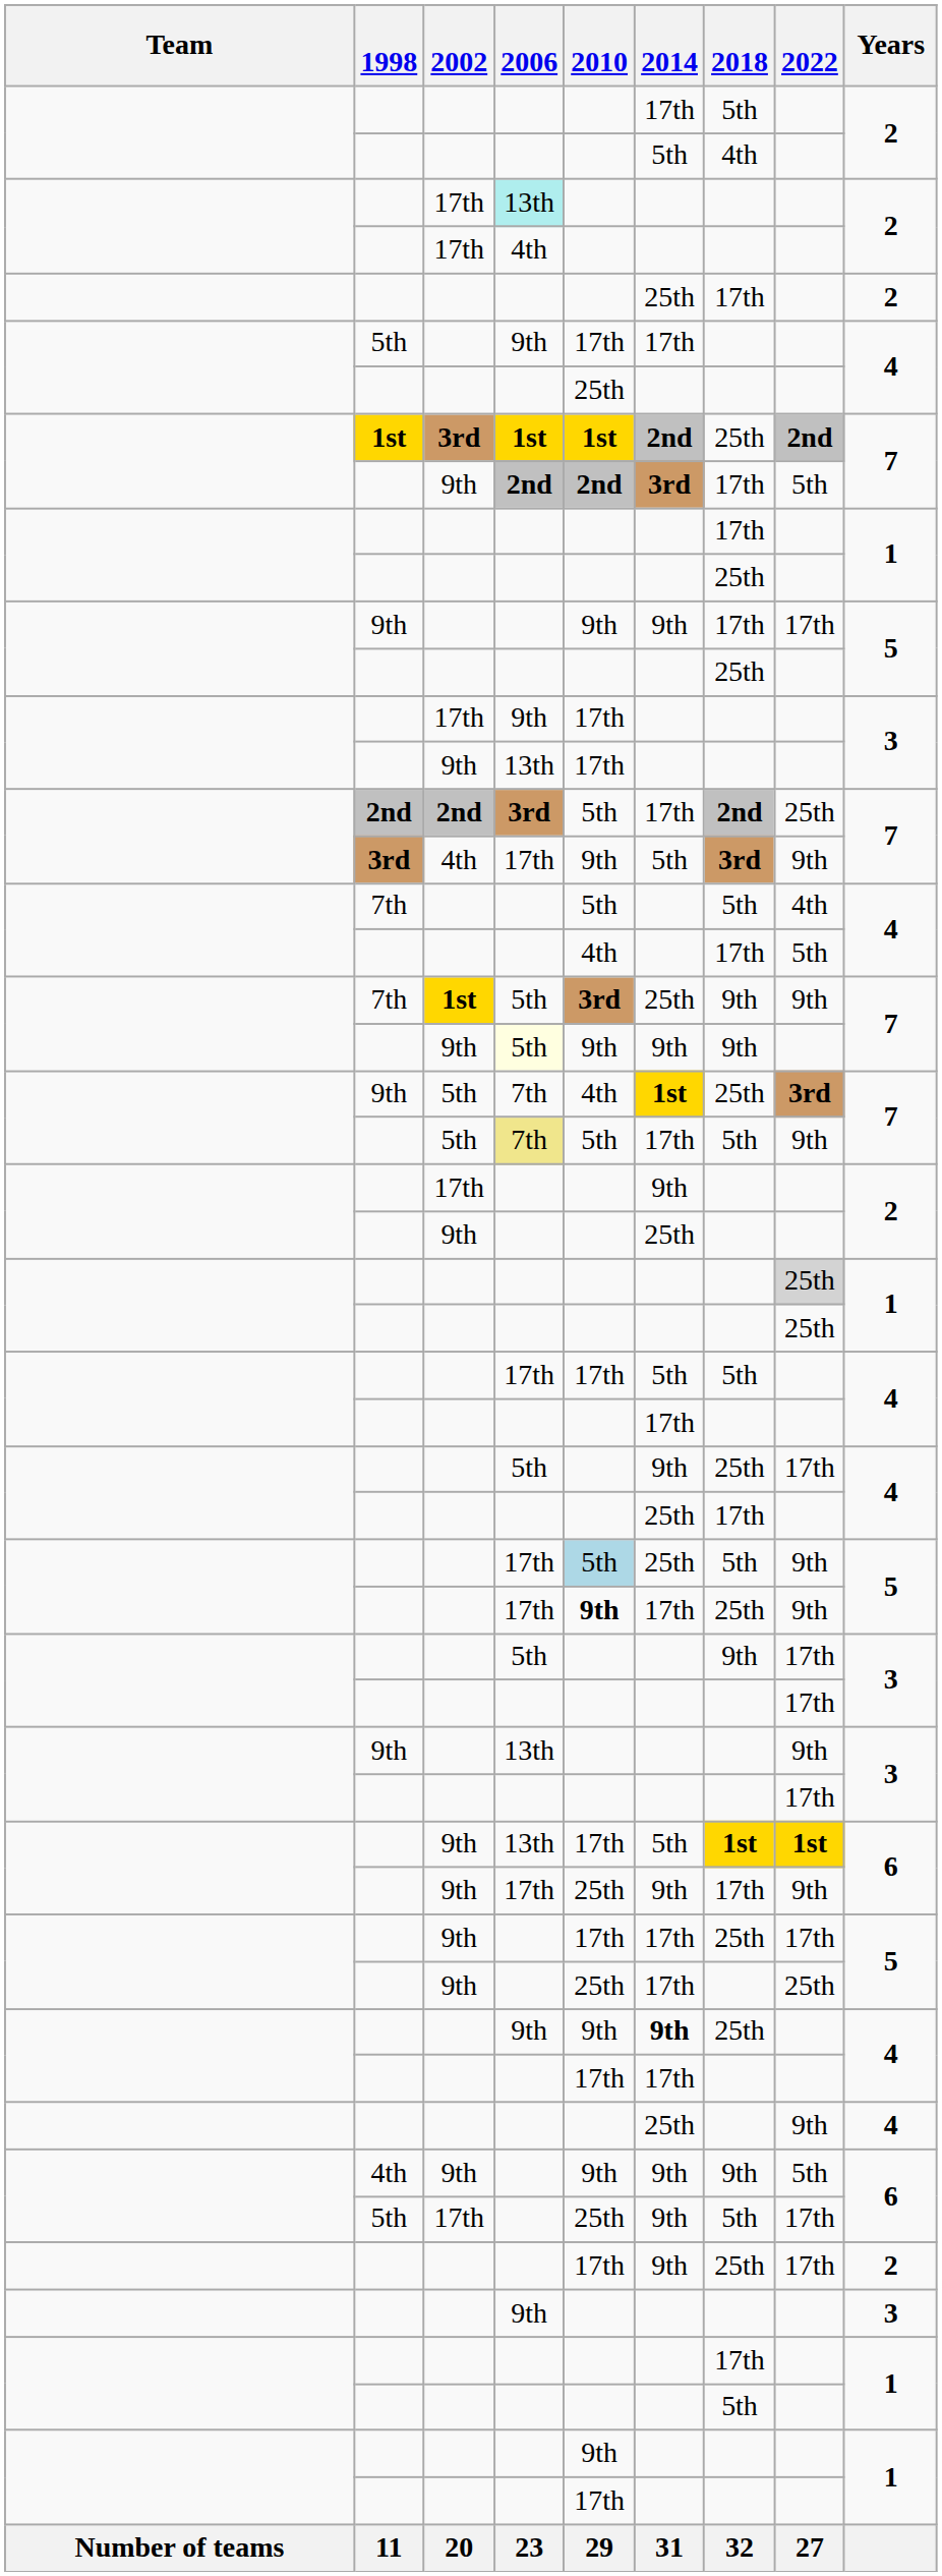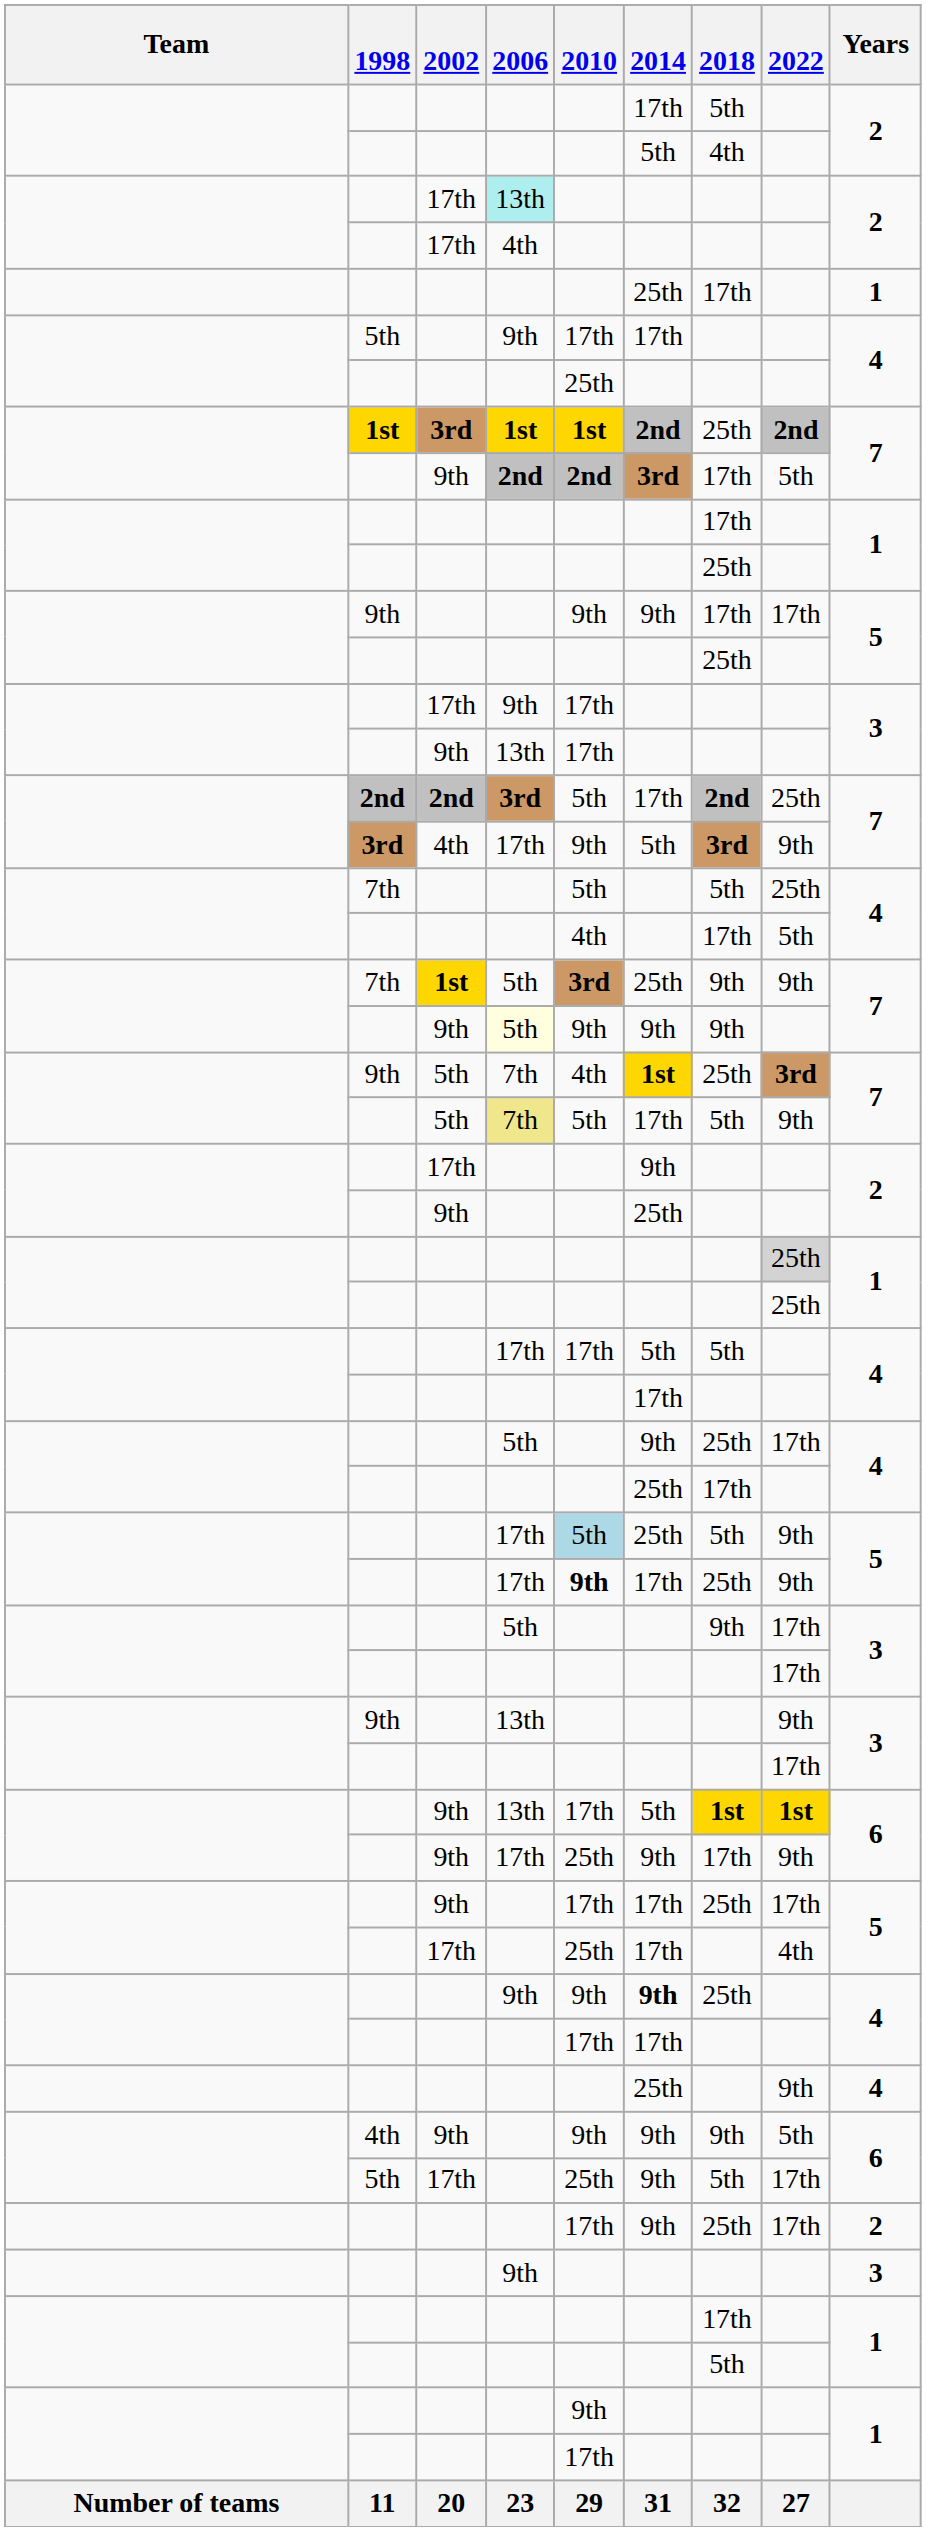 <table class="wikitable" style="text-align:center; font-size:90%">
 <tr>
 <th width=170>Team</th>
 <th width=25><br><a href='#'>1998</a></th>
 <th width=25><br><a href='#'>2002</a></th>
 <th width=25><br><a href='#'>2006</a></th>
 <th width=25><br><a href='#'>2010</a></th>
 <th width=25><br><a href='#'>2014</a></th>
 <th width=25><br><a href='#'>2018</a></th>
 <th width=25><br><a href='#'>2022</a></th>
 <th width=40>Years</th>
 </tr>
 <tr>
 <td rowspan=2 align=left></td>
 <td></td>
 <td></td>
 <td></td>
 <td></td>
 <td>17th</td>
 <td>5th</td>
 <td></td>
 <td rowspan=2><strong>2</strong></td>
 </tr>
 <tr>
 <td></td>
 <td></td>
 <td></td>
 <td></td>
 <td>5th</td>
 <td>4th</td>
 <td></td>
 </tr>
 <tr>
 <td rowspan=2 align=left></td>
 <td></td>
 <td>17th</td>
 <td style="background: paleturquoise;">13th</td>
 <td></td>
 <td></td>
 <td></td>
 <td></td>
 <td rowspan=2><strong>2</strong></td>
 </tr>
 <tr>
 <td></td>
 <td>17th</td>
 <td>4th</td>
 <td></td>
 <td></td>
 <td></td>
 <td></td>
 </tr>
 <tr>
 <td align=left></td>
 <td></td>
 <td></td>
 <td></td>
 <td></td>
 <td>25th</td>
 <td>17th</td>
 <td></td>
-<td><strong>2</strong></td>
+<td><strong>1</strong></td>
 </tr>
 <tr>
 <td rowspan=2 align=left></td>
 <td>5th</td>
 <td></td>
 <td>9th</td>
 <td>17th</td>
 <td>17th</td>
 <td></td>
 <td></td>
 <td rowspan=2><strong>4</strong></td>
 </tr>
 <tr>
 <td></td>
 <td></td>
 <td></td>
 <td>25th</td>
 <td></td>
 <td></td>
 <td></td>
 </tr>
 <tr>
 <td rowspan=2 align=left></td>
 <td bgcolor=gold><strong>1st</strong></td>
 <td bgcolor=cc9966><strong>3rd</strong></td>
 <td bgcolor=gold><strong>1st</strong></td>
 <td bgcolor=gold><strong>1st</strong></td>
 <td bgcolor=silver><strong>2nd</strong></td>
 <td>25th</td>
 <td bgcolor=silver><strong>2nd</strong></td>
 <td rowspan=2><strong>7</strong></td>
 </tr>
 <tr>
 <td></td>
 <td>9th</td>
 <td bgcolor=silver><strong>2nd</strong></td>
 <td bgcolor=silver><strong>2nd</strong></td>
 <td bgcolor=cc9966><strong>3rd</strong></td>
 <td>17th</td>
 <td>5th</td>
 </tr>
 <tr>
 <td rowspan=2 align=left></td>
 <td></td>
 <td></td>
 <td></td>
 <td></td>
 <td></td>
 <td>17th</td>
 <td></td>
 <td rowspan=2><strong>1</strong></td>
 </tr>
 <tr>
 <td></td>
 <td></td>
 <td></td>
 <td></td>
 <td></td>
 <td>25th</td>
 <td></td>
 </tr>
 <tr>
 <td rowspan=2 align=left></td>
 <td>9th</td>
 <td></td>
 <td></td>
 <td>9th</td>
 <td>9th</td>
 <td>17th</td>
 <td>17th</td>
 <td rowspan=2><strong>5</strong></td>
 </tr>
 <tr>
 <td></td>
 <td></td>
 <td></td>
 <td></td>
 <td></td>
 <td>25th</td>
 <td></td>
 </tr>
 <tr>
 <td rowspan=2 align=left></td>
 <td></td>
 <td>17th</td>
 <td>9th</td>
 <td>17th</td>
 <td></td>
 <td></td>
 <td></td>
 <td rowspan=2><strong>3</strong></td>
 </tr>
 <tr>
 <td></td>
 <td>9th</td>
 <td>13th</td>
 <td>17th</td>
 <td></td>
 <td></td>
 <td></td>
 </tr>
 <tr>
 <td rowspan=2 align=left></td>
 <td bgcolor=silver><strong>2nd</strong></td>
 <td bgcolor=silver><strong>2nd</strong></td>
 <td bgcolor=cc9966><strong>3rd</strong></td>
 <td>5th</td>
 <td>17th</td>
 <td bgcolor=silver><strong>2nd</strong></td>
 <td>25th</td>
 <td rowspan=2><strong>7</strong></td>
 </tr>
 <tr>
 <td bgcolor=cc9966><strong>3rd</strong></td>
 <td>4th</td>
 <td>17th</td>
 <td>9th</td>
 <td>5th</td>
 <td bgcolor=cc9966><strong>3rd</strong></td>
 <td>9th</td>
 </tr>
 <tr>
 <td rowspan=2 align=left></td>
 <td>7th</td>
 <td></td>
 <td></td>
 <td>5th</td>
 <td></td>
 <td>5th</td>
-<td>4th</td>
+<td>25th</td>
 <td rowspan=2><strong>4</strong></td>
 </tr>
 <tr>
 <td></td>
 <td></td>
 <td></td>
 <td>4th</td>
 <td></td>
 <td>17th</td>
 <td>5th</td>
 </tr>
 <tr>
 <td rowspan=2 align=left></td>
 <td>7th</td>
 <td bgcolor=gold><strong>1st</strong></td>
 <td>5th</td>
 <td bgcolor=cc9966><strong>3rd</strong></td>
 <td>25th</td>
 <td>9th</td>
 <td>9th</td>
 <td rowspan=2><strong>7</strong></td>
 </tr>
 <tr>
 <td></td>
 <td>9th</td>
 <td style="background: lightyellow;">5th</td>
 <td>9th</td>
 <td>9th</td>
 <td>9th</td>
 <td></td>
 </tr>
 <tr>
 <td rowspan=2 align=left></td>
 <td>9th</td>
 <td>5th</td>
 <td>7th</td>
 <td>4th</td>
 <td bgcolor=gold><strong>1st</strong></td>
 <td>25th</td>
 <td bgcolor=cc9966><strong>3rd</strong></td>
 <td rowspan=2><strong>7</strong></td>
 </tr>
 <tr>
 <td></td>
 <td>5th</td>
 <td style="background: khaki;">7th</td>
 <td>5th</td>
 <td>17th</td>
 <td>5th</td>
 <td>9th</td>
 </tr>
 <tr>
 <td rowspan=2 align=left></td>
 <td></td>
 <td>17th</td>
 <td></td>
 <td></td>
 <td>9th</td>
 <td></td>
 <td></td>
 <td rowspan=2><strong>2</strong></td>
 </tr>
 <tr>
 <td></td>
 <td>9th</td>
 <td></td>
 <td></td>
 <td>25th</td>
 <td></td>
 <td></td>
 </tr>
 <tr>
 <td align=left rowspan=2></td>
 <td></td>
 <td></td>
 <td></td>
 <td></td>
 <td></td>
 <td></td>
 <td style="background: lightgrey;">25th</td>
 <td rowspan=2><strong>1</strong></td>
 </tr>
 <tr>
 <td></td>
 <td></td>
 <td></td>
 <td></td>
 <td></td>
 <td></td>
 <td>25th</td>
 </tr>
 <tr>
 <td rowspan=2 align=left></td>
 <td></td>
 <td></td>
 <td>17th</td>
 <td>17th</td>
 <td>5th</td>
 <td>5th</td>
 <td></td>
 <td rowspan=2><strong>4</strong></td>
 </tr>
 <tr>
 <td></td>
 <td></td>
 <td></td>
 <td></td>
 <td>17th</td>
 <td></td>
 <td></td>
 </tr>
 <tr>
 <td rowspan=2 align=left></td>
 <td></td>
 <td></td>
 <td>5th</td>
 <td></td>
 <td>9th</td>
 <td>25th</td>
 <td>17th</td>
 <td rowspan=2><strong>4</strong></td>
 </tr>
 <tr>
 <td></td>
 <td></td>
 <td></td>
 <td></td>
 <td>25th</td>
 <td>17th</td>
 <td></td>
 </tr>
 <tr>
 <td rowspan=2 align=left></td>
 <td></td>
 <td></td>
 <td>17th</td>
 <td style="background: lightblue;">5th</td>
 <td>25th</td>
 <td>5th</td>
 <td>9th</td>
 <td rowspan=2><strong>5</strong></td>
 </tr>
 <tr>
 <td></td>
 <td></td>
 <td>17th</td>
 <td><strong>9th</strong></td>
 <td>17th</td>
 <td>25th</td>
 <td>9th</td>
 </tr>
 <tr>
 <td align=left rowspan=2></td>
 <td></td>
 <td></td>
 <td>5th</td>
 <td></td>
 <td></td>
 <td>9th</td>
 <td>17th</td>
 <td rowspan=2><strong>3</strong></td>
 </tr>
 <tr>
 <td></td>
 <td></td>
 <td></td>
 <td></td>
 <td></td>
 <td></td>
 <td>17th</td>
 </tr>
 <tr>
 <td align=left rowspan=2></td>
 <td>9th</td>
 <td></td>
 <td>13th</td>
 <td></td>
 <td></td>
 <td></td>
 <td>9th</td>
 <td rowspan=2><strong>3</strong></td>
 </tr>
 <tr>
 <td></td>
 <td></td>
 <td></td>
 <td></td>
 <td></td>
 <td></td>
 <td>17th</td>
 </tr>
 <tr>
 <td rowspan=2 align=left></td>
 <td></td>
 <td>9th</td>
 <td>13th</td>
 <td>17th</td>
 <td>5th</td>
 <td bgcolor=gold><strong>1st</strong></td>
 <td bgcolor=gold><strong>1st</strong></td>
 <td rowspan=2><strong>6</strong></td>
 </tr>
 <tr>
 <td></td>
 <td>9th</td>
 <td>17th</td>
 <td>25th</td>
 <td>9th</td>
 <td>17th</td>
 <td>9th</td>
 </tr>
 <tr>
 <td rowspan=2 align=left></td>
 <td></td>
 <td>9th</td>
 <td></td>
 <td>17th</td>
 <td>17th</td>
 <td>25th</td>
 <td>17th</td>
 <td rowspan=2><strong>5</strong></td>
 </tr>
 <tr>
 <td></td>
-<td>9th</td>
+<td>17th</td>
 <td></td>
 <td>25th</td>
 <td>17th</td>
 <td></td>
-<td>25th</td>
+<td>4th</td>
 </tr>
 <tr>
 <td rowspan=2 align=left></td>
 <td></td>
 <td></td>
 <td>9th</td>
 <td>9th</td>
 <td><strong>9th</strong></td>
 <td>25th</td>
 <td></td>
 <td rowspan=2><strong>4</strong></td>
 </tr>
 <tr>
 <td></td>
 <td></td>
 <td></td>
 <td>17th</td>
 <td>17th</td>
 <td></td>
 <td></td>
 </tr>
 <tr>
 <td align=left></td>
 <td></td>
 <td></td>
 <td></td>
 <td></td>
 <td>25th</td>
 <td></td>
 <td>9th</td>
 <td><strong>4</strong></td>
 </tr>
 <tr>
 <td rowspan=2 align=left></td>
 <td>4th</td>
 <td>9th</td>
 <td></td>
 <td>9th</td>
 <td>9th</td>
 <td>9th</td>
 <td>5th</td>
 <td rowspan=2><strong>6</strong></td>
 </tr>
 <tr>
 <td>5th</td>
 <td>17th</td>
 <td></td>
 <td>25th</td>
 <td>9th</td>
 <td>5th</td>
 <td>17th</td>
 </tr>
 <tr>
 <td align=left></td>
 <td></td>
 <td></td>
 <td></td>
 <td>17th</td>
 <td>9th</td>
 <td>25th</td>
 <td>17th</td>
 <td><strong>2</strong></td>
 </tr>
 <tr>
 <td align=left></td>
 <td></td>
 <td></td>
 <td>9th</td>
 <td></td>
 <td></td>
 <td></td>
 <td></td>
 <td><strong>3</strong></td>
 </tr>
 <tr>
 <td rowspan=2 align=left></td>
 <td></td>
 <td></td>
 <td></td>
 <td></td>
 <td></td>
 <td>17th</td>
 <td></td>
 <td rowspan=2><strong>1</strong></td>
 </tr>
 <tr>
 <td></td>
 <td></td>
 <td></td>
 <td></td>
 <td></td>
 <td>5th</td>
 <td></td>
 </tr>
 <tr>
 <td rowspan=2 align=left></td>
 <td></td>
 <td></td>
 <td></td>
 <td>9th</td>
 <td></td>
 <td></td>
 <td></td>
 <td rowspan=2><strong>1</strong></td>
 </tr>
 <tr>
 <td></td>
 <td></td>
 <td></td>
 <td>17th</td>
 <td></td>
 <td></td>
 <td></td>
 </tr>
 <tr>
 <th>Number of teams</th>
 <th>11</th>
 <th>20</th>
 <th>23</th>
 <th>29</th>
 <th>31</th>
 <th>32</th>
 <th>27</th>
 <th></th>
 </tr>
 </table>
